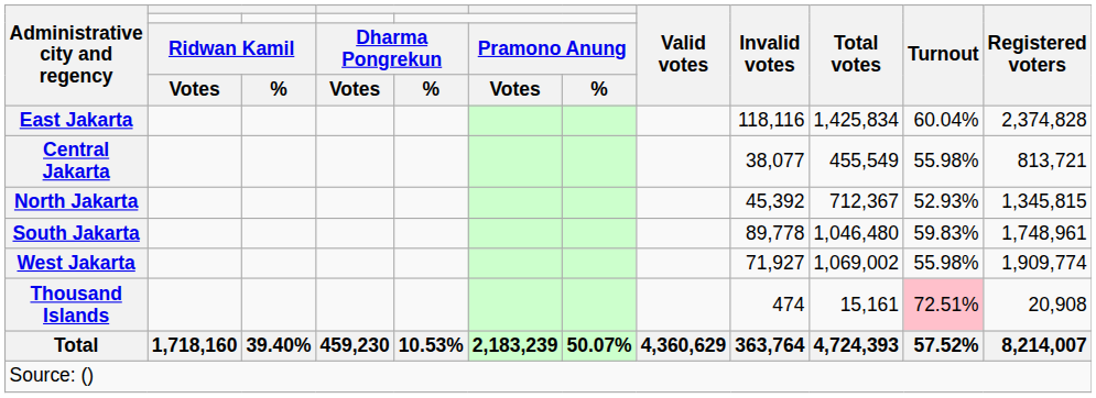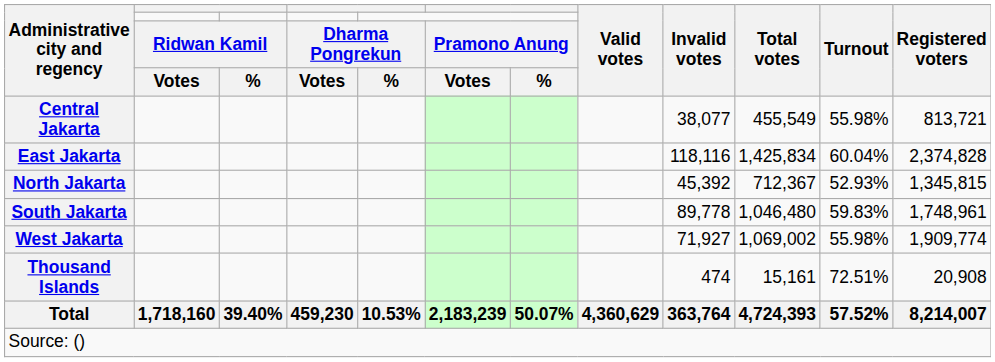 <table class="wikitable">
 <tr>
 <th style="text-align:center;" rowspan="4">Administrative city and regency</th>
 <th style="text-align:center;" colspan="2"></th>
 <th style="text-align:center;" colspan="2"></th>
 <th style="text-align:center;" colspan="2"></th>
 <th style="text-align:center;" width=100px rowspan="4">Valid votes</th>
 <th rowspan="4">Invalid votes</th>
 <th rowspan="4">Total votes</th>
 <th rowspan="4">Turnout</th>
 <th rowspan="4">Registered voters</th>
 </tr>
 <tr>
 <td></td>
 <td></td>
 <td></td>
 </tr>
 <tr>
 <th style="text-align:center;" colspan="2"><a href='#'>Ridwan Kamil</a><br></th>
 <th style="text-align:center;" colspan="2"><a href='#'>Dharma Pongrekun</a><br></th>
 <th style="text-align:center;" colspan="2"><a href='#'>Pramono Anung</a><br></th>
 </tr>
 <tr>
 <th width=100px style="text-align:center;">Votes</th>
 <th width=50px style="text-align:center;">%</th>
 <th width=100px style="text-align:center;">Votes</th>
 <th width=50px style="text-align:center;">%</th>
 <th width=100px style="text-align:center;">Votes</th>
 <th width=50px style="text-align:center;">%</th>
 </tr>
 <tr>
+<th style="text-align:center;"><a href='#'>Central Jakarta</a></th>
+<td style="text-align:right;"></td>
+<td style="text-align:right;"></td>
+<td style="text-align:right;"></td>
+<td style="text-align:right;"></td>
+<td style="background:#cfc; text-align:right;"><strong></strong></td>
+<td style="background:#cfc; text-align:right;"><strong></strong></td>
+<td style="text-align:right;"></td>
+<td style="text-align:right;">38,077</td>
+<td style="text-align:right;">455,549</td>
+<td style="text-align:right;">55.98%</td>
+<td style="text-align:right;">813,721</td>
+</tr>
+<tr>
 <th style="text-align:center;"><a href='#'>East Jakarta</a></th>
 <td style="text-align:right;"></td>
 <td style="text-align:right;"></td>
 <td style="text-align:right;"></td>
 <td style="text-align:right;"></td>
 <td style="background:#cfc; text-align:right;"><strong></strong></td>
 <td style="background:#cfc; text-align:right;"><strong></strong></td>
 <td style="text-align:right;"></td>
 <td style="text-align:right;">118,116</td>
 <td style="text-align:right;">1,425,834</td>
 <td style="text-align:right;">60.04%</td>
 <td style="text-align:right;">2,374,828</td>
-</tr>
-<tr>
-<th style="text-align:center;"><a href='#'>Central Jakarta</a></th>
-<td style="text-align:right;"></td>
-<td style="text-align:right;"></td>
-<td style="text-align:right;"></td>
-<td style="text-align:right;"></td>
-<td style="background:#cfc; text-align:right;"><strong></strong></td>
-<td style="background:#cfc; text-align:right;"><strong></strong></td>
-<td style="text-align:right;"></td>
-<td style="text-align:right;">38,077</td>
-<td style="text-align:right;">455,549</td>
-<td style="text-align:right;">55.98%</td>
-<td style="text-align:right;">813,721</td>
 </tr>
 <tr>
 <th style="text-align:center;"><a href='#'>North Jakarta</a></th>
 <td style="text-align:right;"></td>
 <td style="text-align:right;"></td>
 <td style="text-align:right;"></td>
 <td style="text-align:right;"></td>
 <td style="background:#cfc; text-align:right;"><strong></strong></td>
 <td style="background:#cfc; text-align:right;"><strong></strong></td>
 <td style="text-align:right;"></td>
 <td style="text-align:right;">45,392</td>
 <td style="text-align:right;">712,367</td>
 <td style="text-align:right;">52.93%</td>
 <td style="text-align:right;">1,345,815</td>
 </tr>
 <tr>
 <th style="text-align:center;"><a href='#'>South Jakarta</a></th>
 <td style="text-align:right;"></td>
 <td style="text-align:right;"></td>
 <td style="text-align:right;"></td>
 <td style="text-align:right;"></td>
 <td style="background:#cfc; text-align:right;"><strong></strong></td>
 <td style="background:#cfc; text-align:right;"><strong></strong></td>
 <td style="text-align:right;"></td>
 <td style="text-align:right;">89,778</td>
 <td style="text-align:right;">1,046,480</td>
 <td style="text-align:right;">59.83%</td>
 <td style="text-align:right;">1,748,961</td>
 </tr>
 <tr>
 <th style="text-align:center;"><a href='#'>West Jakarta</a></th>
 <td style="text-align:right;"></td>
 <td style="text-align:right;"></td>
 <td style="text-align:right;"></td>
 <td style="text-align:right;"></td>
 <td style="background:#cfc; text-align:right;"><strong></strong></td>
 <td style="background:#cfc; text-align:right;"><strong></strong></td>
 <td style="text-align:right;"></td>
 <td style="text-align:right;">71,927</td>
 <td style="text-align:right;">1,069,002</td>
 <td style="text-align:right;">55.98%</td>
 <td style="text-align:right;">1,909,774</td>
 </tr>
 <tr>
 <th style="text-align:center;"><a href='#'>Thousand Islands</a></th>
 <td style="text-align:right;"></td>
 <td style="text-align:right;"></td>
 <td style="text-align:right;"></td>
 <td style="text-align:right;"></td>
 <td style="background:#cfc; text-align:right;"><strong></strong></td>
 <td style="background:#cfc; text-align:right;"><strong></strong></td>
 <td style="text-align:right;"></td>
 <td style="text-align:right;">474</td>
 <td style="text-align:right;">15,161</td>
-<td style="background: pink; text-align:right;">72.51%</td>
+<td style="text-align:right;">72.51%</td>
 <td style="text-align:right;">20,908</td>
 </tr>
 <tr align="right">
 <th>Total</th>
 <th style="text-align:right;">1,718,160</th>
 <th style="text-align:right;">39.40%</th>
 <th style="text-align:right;">459,230</th>
 <th style="text-align:right;">10.53%</th>
 <th style="background:#cfc; text-align:right;">2,183,239</th>
 <th style="background:#cfc; text-align:right;">50.07%</th>
 <th style="text-align:right;">4,360,629</th>
 <th style="text-align:right;">363,764</th>
 <th style="text-align:right;">4,724,393</th>
 <th style="text-align:right;">57.52%</th>
 <th style="text-align:right;">8,214,007</th>
 </tr>
 <tr>
 <td colspan="12">Source:  ()</td>
 </tr>
 </table>
